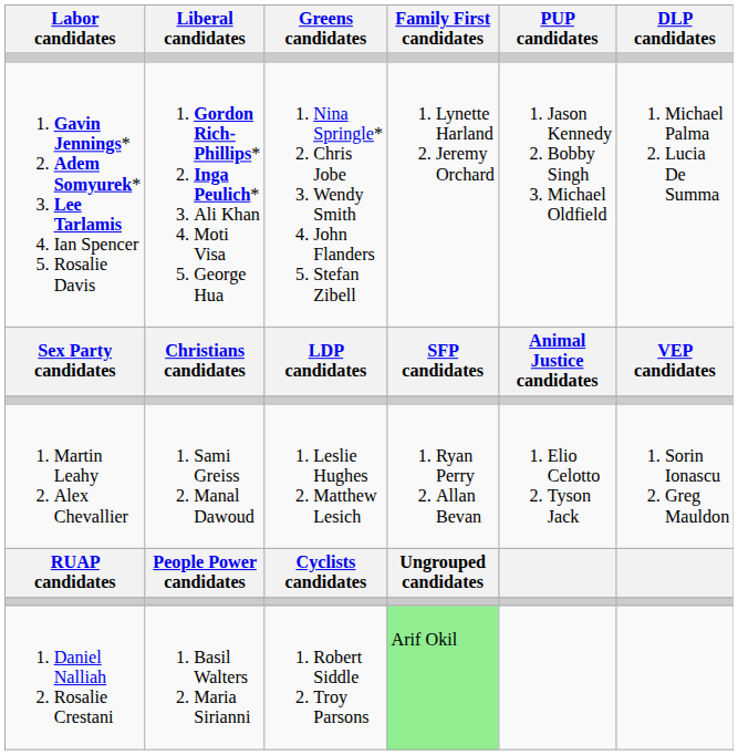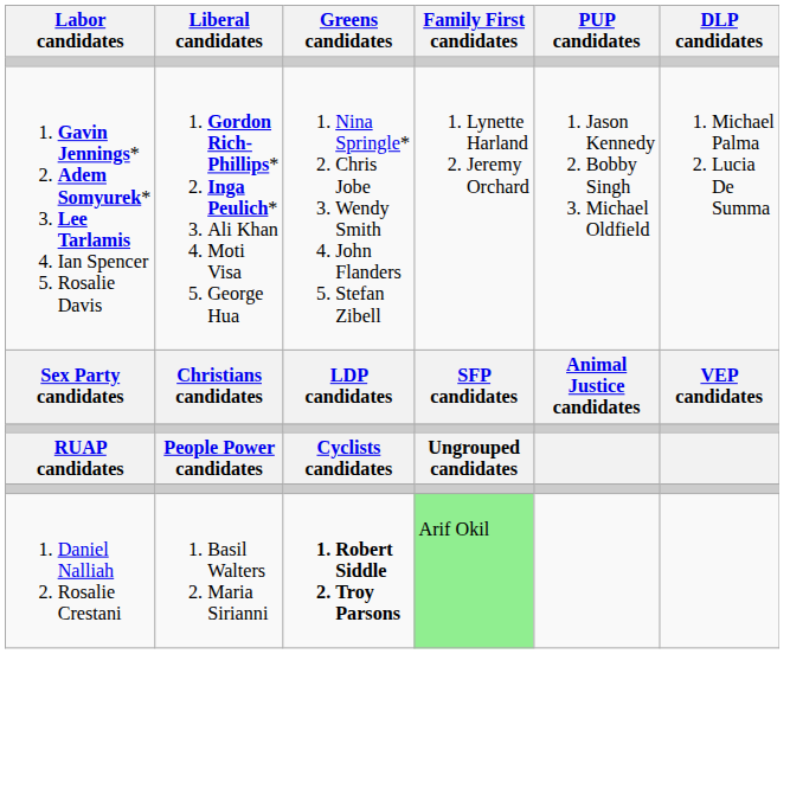 <table class="wikitable">
 <tr>
 <th><a href='#'>Labor</a> candidates</th>
 <th><a href='#'>Liberal</a> candidates</th>
 <th><a href='#'>Greens</a> candidates</th>
 <th><a href='#'>Family First</a> candidates</th>
 <th><a href='#'>PUP</a> candidates</th>
 <th><a href='#'>DLP</a> candidates</th>
 </tr>
 <tr bgcolor="#cccccc">
 <td></td>
 <td></td>
 <td></td>
 <td></td>
 <td></td>
 <td></td>
 </tr>
 <tr>
 <td><br><ol><li><strong><a href='#'>Gavin Jennings</a></strong>*</li><li><strong><a href='#'>Adem Somyurek</a></strong>*</li><li><strong><a href='#'>Lee Tarlamis</a></strong></li><li>Ian Spencer</li><li>Rosalie Davis</li></ol></td>
 <td><br><ol><li><strong><a href='#'>Gordon Rich-Phillips</a></strong>*</li><li><strong><a href='#'>Inga Peulich</a></strong>*</li><li>Ali Khan</li><li>Moti Visa</li><li>George Hua</li></ol></td>
 <td><br><ol><li><a href='#'>Nina Springle</a>*</li><li>Chris Jobe</li><li>Wendy Smith</li><li>John Flanders</li><li>Stefan Zibell</li></ol></td>
 <td valign=top><br><ol><li>Lynette Harland</li><li>Jeremy Orchard</li></ol></td>
 <td valign=top><br><ol><li>Jason Kennedy</li><li>Bobby Singh</li><li>Michael Oldfield</li></ol></td>
 <td valign=top><br><ol><li>Michael Palma</li><li>Lucia De Summa</li></ol></td>
 </tr>
 <tr bgcolor="#cccccc">
 <th><a href='#'>Sex Party</a> candidates</th>
 <th><a href='#'>Christians</a> candidates</th>
 <th><a href='#'>LDP</a> candidates</th>
 <th><a href='#'>SFP</a> candidates</th>
 <th><a href='#'>Animal Justice</a> candidates</th>
 <th><a href='#'>VEP</a> candidates</th>
 </tr>
 <tr bgcolor="#cccccc">
 <td></td>
 <td></td>
 <td></td>
 <td></td>
 <td></td>
 <td></td>
 </tr>
-<tr>
-<td valign=top><br><ol><li>Martin Leahy</li><li>Alex Chevallier</li></ol></td>
-<td valign=top><br><ol><li>Sami Greiss</li><li>Manal Dawoud</li></ol></td>
-<td valign=top><br><ol><li>Leslie Hughes</li><li>Matthew Lesich</li></ol></td>
-<td valign=top><br><ol><li>Ryan Perry</li><li>Allan Bevan</li></ol></td>
-<td valign=top><br><ol><li>Elio Celotto</li><li>Tyson Jack</li></ol></td>
-<td valign=top><br><ol><li>Sorin Ionascu</li><li>Greg Mauldon</li></ol></td>
-</tr>
 <tr bgcolor="#cccccc">
 <th><a href='#'>RUAP</a> candidates</th>
 <th><a href='#'>People Power</a> candidates</th>
 <th><a href='#'>Cyclists</a> candidates</th>
 <th>Ungrouped candidates</th>
 <th></th>
 <th></th>
 </tr>
 <tr bgcolor="#cccccc">
 <td></td>
 <td></td>
 <td></td>
 <td></td>
 <td></td>
 <td></td>
 </tr>
 <tr>
 <td valign=top><br><ol><li><a href='#'>Daniel Nalliah</a></li><li>Rosalie Crestani</li></ol></td>
 <td valign=top><br><ol><li>Basil Walters</li><li>Maria Sirianni</li></ol></td>
-<td valign=top><br><ol><li>Robert Siddle</li><li>Troy Parsons</li></ol></td>
+<td valign=top><strong><br><ol><li>Robert Siddle</li><li>Troy Parsons</li></ol></strong></td>
 <td valign=top style="background: lightgreen;"><br>Arif Okil</td>
 <td valign=top></td>
 </tr>
 </table>
